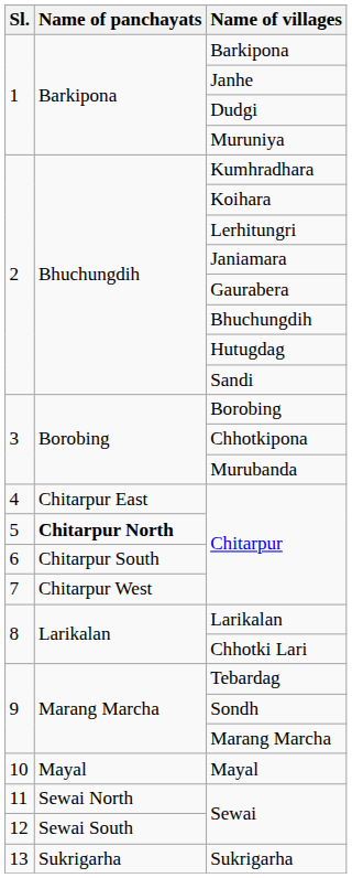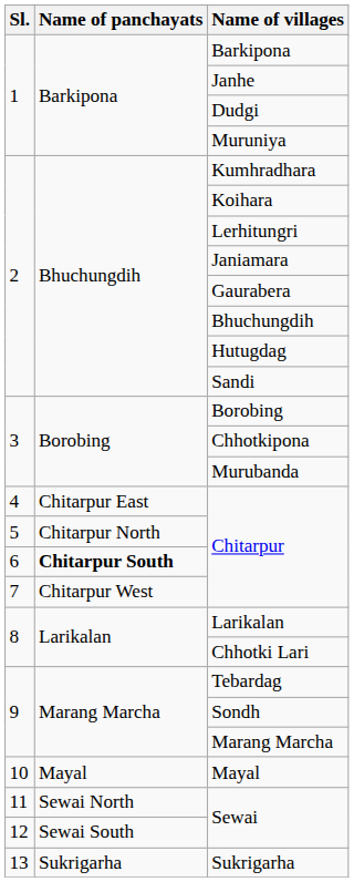 <table class="wikitable plainrowheaders sortable">
 <tr>
 <th scope="col">Sl.</th>
 <th scope="col">Name of panchayats</th>
 <th scope="col">Name of villages</th>
 </tr>
 <tr>
 <td rowspan="4">1</td>
 <td rowspan="4">Barkipona</td>
 <td>Barkipona</td>
 </tr>
 <tr>
 <td>Janhe</td>
 </tr>
 <tr>
 <td>Dudgi</td>
 </tr>
 <tr>
 <td>Muruniya</td>
 </tr>
 <tr>
 <td rowspan="8">2</td>
 <td rowspan="8">Bhuchungdih</td>
 <td>Kumhradhara</td>
 </tr>
 <tr>
 <td>Koihara</td>
 </tr>
 <tr>
 <td>Lerhitungri</td>
 </tr>
 <tr>
 <td>Janiamara</td>
 </tr>
 <tr>
 <td>Gaurabera</td>
 </tr>
 <tr>
 <td>Bhuchungdih</td>
 </tr>
 <tr>
 <td>Hutugdag</td>
 </tr>
 <tr>
 <td>Sandi</td>
 </tr>
 <tr>
 <td rowspan="3">3</td>
 <td rowspan="3">Borobing</td>
 <td>Borobing</td>
 </tr>
 <tr>
 <td>Chhotkipona</td>
 </tr>
 <tr>
 <td>Murubanda</td>
 </tr>
 <tr>
 <td>4</td>
 <td>Chitarpur East</td>
 <td rowspan="4"><a href='#'>Chitarpur</a></td>
 </tr>
 <tr>
 <td>5</td>
-<td><strong>Chitarpur North</strong></td>
+<td>Chitarpur North</td>
 </tr>
 <tr>
 <td>6</td>
-<td>Chitarpur South</td>
+<td><strong>Chitarpur South</strong></td>
 </tr>
 <tr>
 <td>7</td>
 <td>Chitarpur West</td>
 </tr>
 <tr>
 <td rowspan="2">8</td>
 <td rowspan="2">Larikalan</td>
 <td>Larikalan</td>
 </tr>
 <tr>
 <td>Chhotki Lari</td>
 </tr>
 <tr>
 <td rowspan="3">9</td>
 <td rowspan="3">Marang Marcha</td>
 <td>Tebardag</td>
 </tr>
 <tr>
 <td>Sondh</td>
 </tr>
 <tr>
 <td>Marang Marcha</td>
 </tr>
 <tr>
 <td>10</td>
 <td>Mayal</td>
 <td>Mayal</td>
 </tr>
 <tr>
 <td>11</td>
 <td>Sewai North</td>
 <td rowspan="2">Sewai</td>
 </tr>
 <tr>
 <td>12</td>
 <td>Sewai South</td>
 </tr>
 <tr>
 <td>13</td>
 <td>Sukrigarha</td>
 <td>Sukrigarha</td>
 </tr>
 <tr>
 </tr>
 </table>
